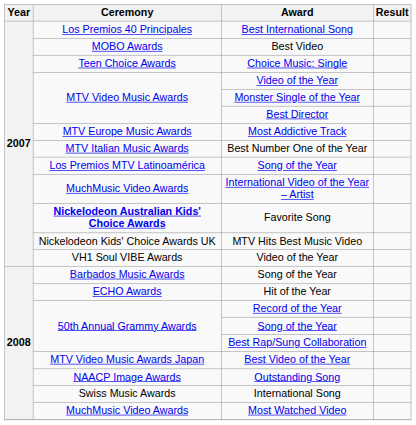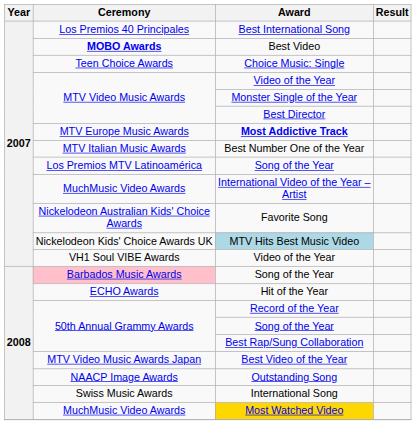 <table class="wikitable plainrowheaders" style="text-align:center;">
 <tr>
 <th scope="col">Year</th>
 <th scope="col">Ceremony</th>
 <th scope="col">Award</th>
 <th scope="col">Result</th>
 </tr>
 <tr>
 <th scope rowspan="13">2007</th>
 <td><a href='#'>Los Premios 40 Principales</a></td>
 <td><a href='#'>Best International Song</a></td>
 <td></td>
 </tr>
 <tr>
-<td><a href='#'>MOBO Awards</a></td>
+<td><strong><a href='#'>MOBO Awards</a></strong></td>
 <td>Best Video</td>
 <td></td>
 </tr>
 <tr>
 <td><a href='#'>Teen Choice Awards</a></td>
 <td><a href='#'>Choice Music: Single</a></td>
 <td></td>
 </tr>
 <tr>
 <td scope rowspan="3"><a href='#'>MTV Video Music Awards</a></td>
 <td><a href='#'>Video of the Year</a></td>
 <td></td>
 </tr>
 <tr>
 <td><a href='#'>Monster Single of the Year</a></td>
 <td></td>
 </tr>
 <tr>
 <td><a href='#'>Best Director</a></td>
 <td></td>
 </tr>
 <tr>
 <td><a href='#'>MTV Europe Music Awards</a></td>
-<td><a href='#'>Most Addictive Track</a></td>
+<td><strong><a href='#'>Most Addictive Track</a></strong></td>
 <td></td>
 </tr>
 <tr>
 <td><a href='#'>MTV Italian Music Awards</a></td>
 <td>Best Number One of the Year</td>
 <td></td>
 </tr>
 <tr>
 <td><a href='#'>Los Premios MTV Latinoamérica</a></td>
 <td><a href='#'>Song of the Year</a></td>
 <td></td>
 </tr>
 <tr>
 <td><a href='#'>MuchMusic Video Awards</a></td>
 <td><a href='#'>International Video of the Year – Artist</a></td>
 <td></td>
 </tr>
 <tr>
-<td><strong><a href='#'>Nickelodeon Australian Kids' Choice Awards</a></strong></td>
+<td><a href='#'>Nickelodeon Australian Kids' Choice Awards</a></td>
 <td>Favorite Song</td>
 <td></td>
 </tr>
 <tr>
 <td>Nickelodeon Kids' Choice Awards UK</td>
-<td>MTV Hits Best Music Video</td>
+<td style="background: lightblue;">MTV Hits Best Music Video</td>
 <td></td>
 </tr>
 <tr>
 <td>VH1 Soul VIBE Awards</td>
 <td>Video of the Year</td>
 <td></td>
 </tr>
 <tr>
 <th scope rowspan="9">2008</th>
-<td><a href='#'>Barbados Music Awards</a></td>
+<td style="background: pink;"><a href='#'>Barbados Music Awards</a></td>
 <td>Song of the Year</td>
 <td></td>
 </tr>
 <tr>
 <td><a href='#'>ECHO Awards</a></td>
 <td>Hit of the Year</td>
 <td></td>
 </tr>
 <tr>
 <td scope rowspan="3"><a href='#'>50th Annual Grammy Awards</a></td>
 <td><a href='#'>Record of the Year</a></td>
 <td></td>
 </tr>
 <tr>
 <td><a href='#'>Song of the Year</a></td>
 <td></td>
 </tr>
 <tr>
 <td><a href='#'>Best Rap/Sung Collaboration</a></td>
 <td></td>
 </tr>
 <tr>
 <td><a href='#'>MTV Video Music Awards Japan</a></td>
 <td><a href='#'>Best Video of the Year</a></td>
 <td></td>
 </tr>
 <tr>
 <td><a href='#'>NAACP Image Awards</a></td>
 <td><a href='#'>Outstanding Song</a></td>
 <td></td>
 </tr>
 <tr>
 <td>Swiss Music Awards</td>
 <td>International Song</td>
 <td></td>
 </tr>
 <tr>
 <td><a href='#'>MuchMusic Video Awards</a></td>
-<td><a href='#'>Most Watched Video</a></td>
+<td style="background: gold;"><a href='#'>Most Watched Video</a></td>
 <td></td>
 </tr>
 <tr>
 </tr>
 </table>
